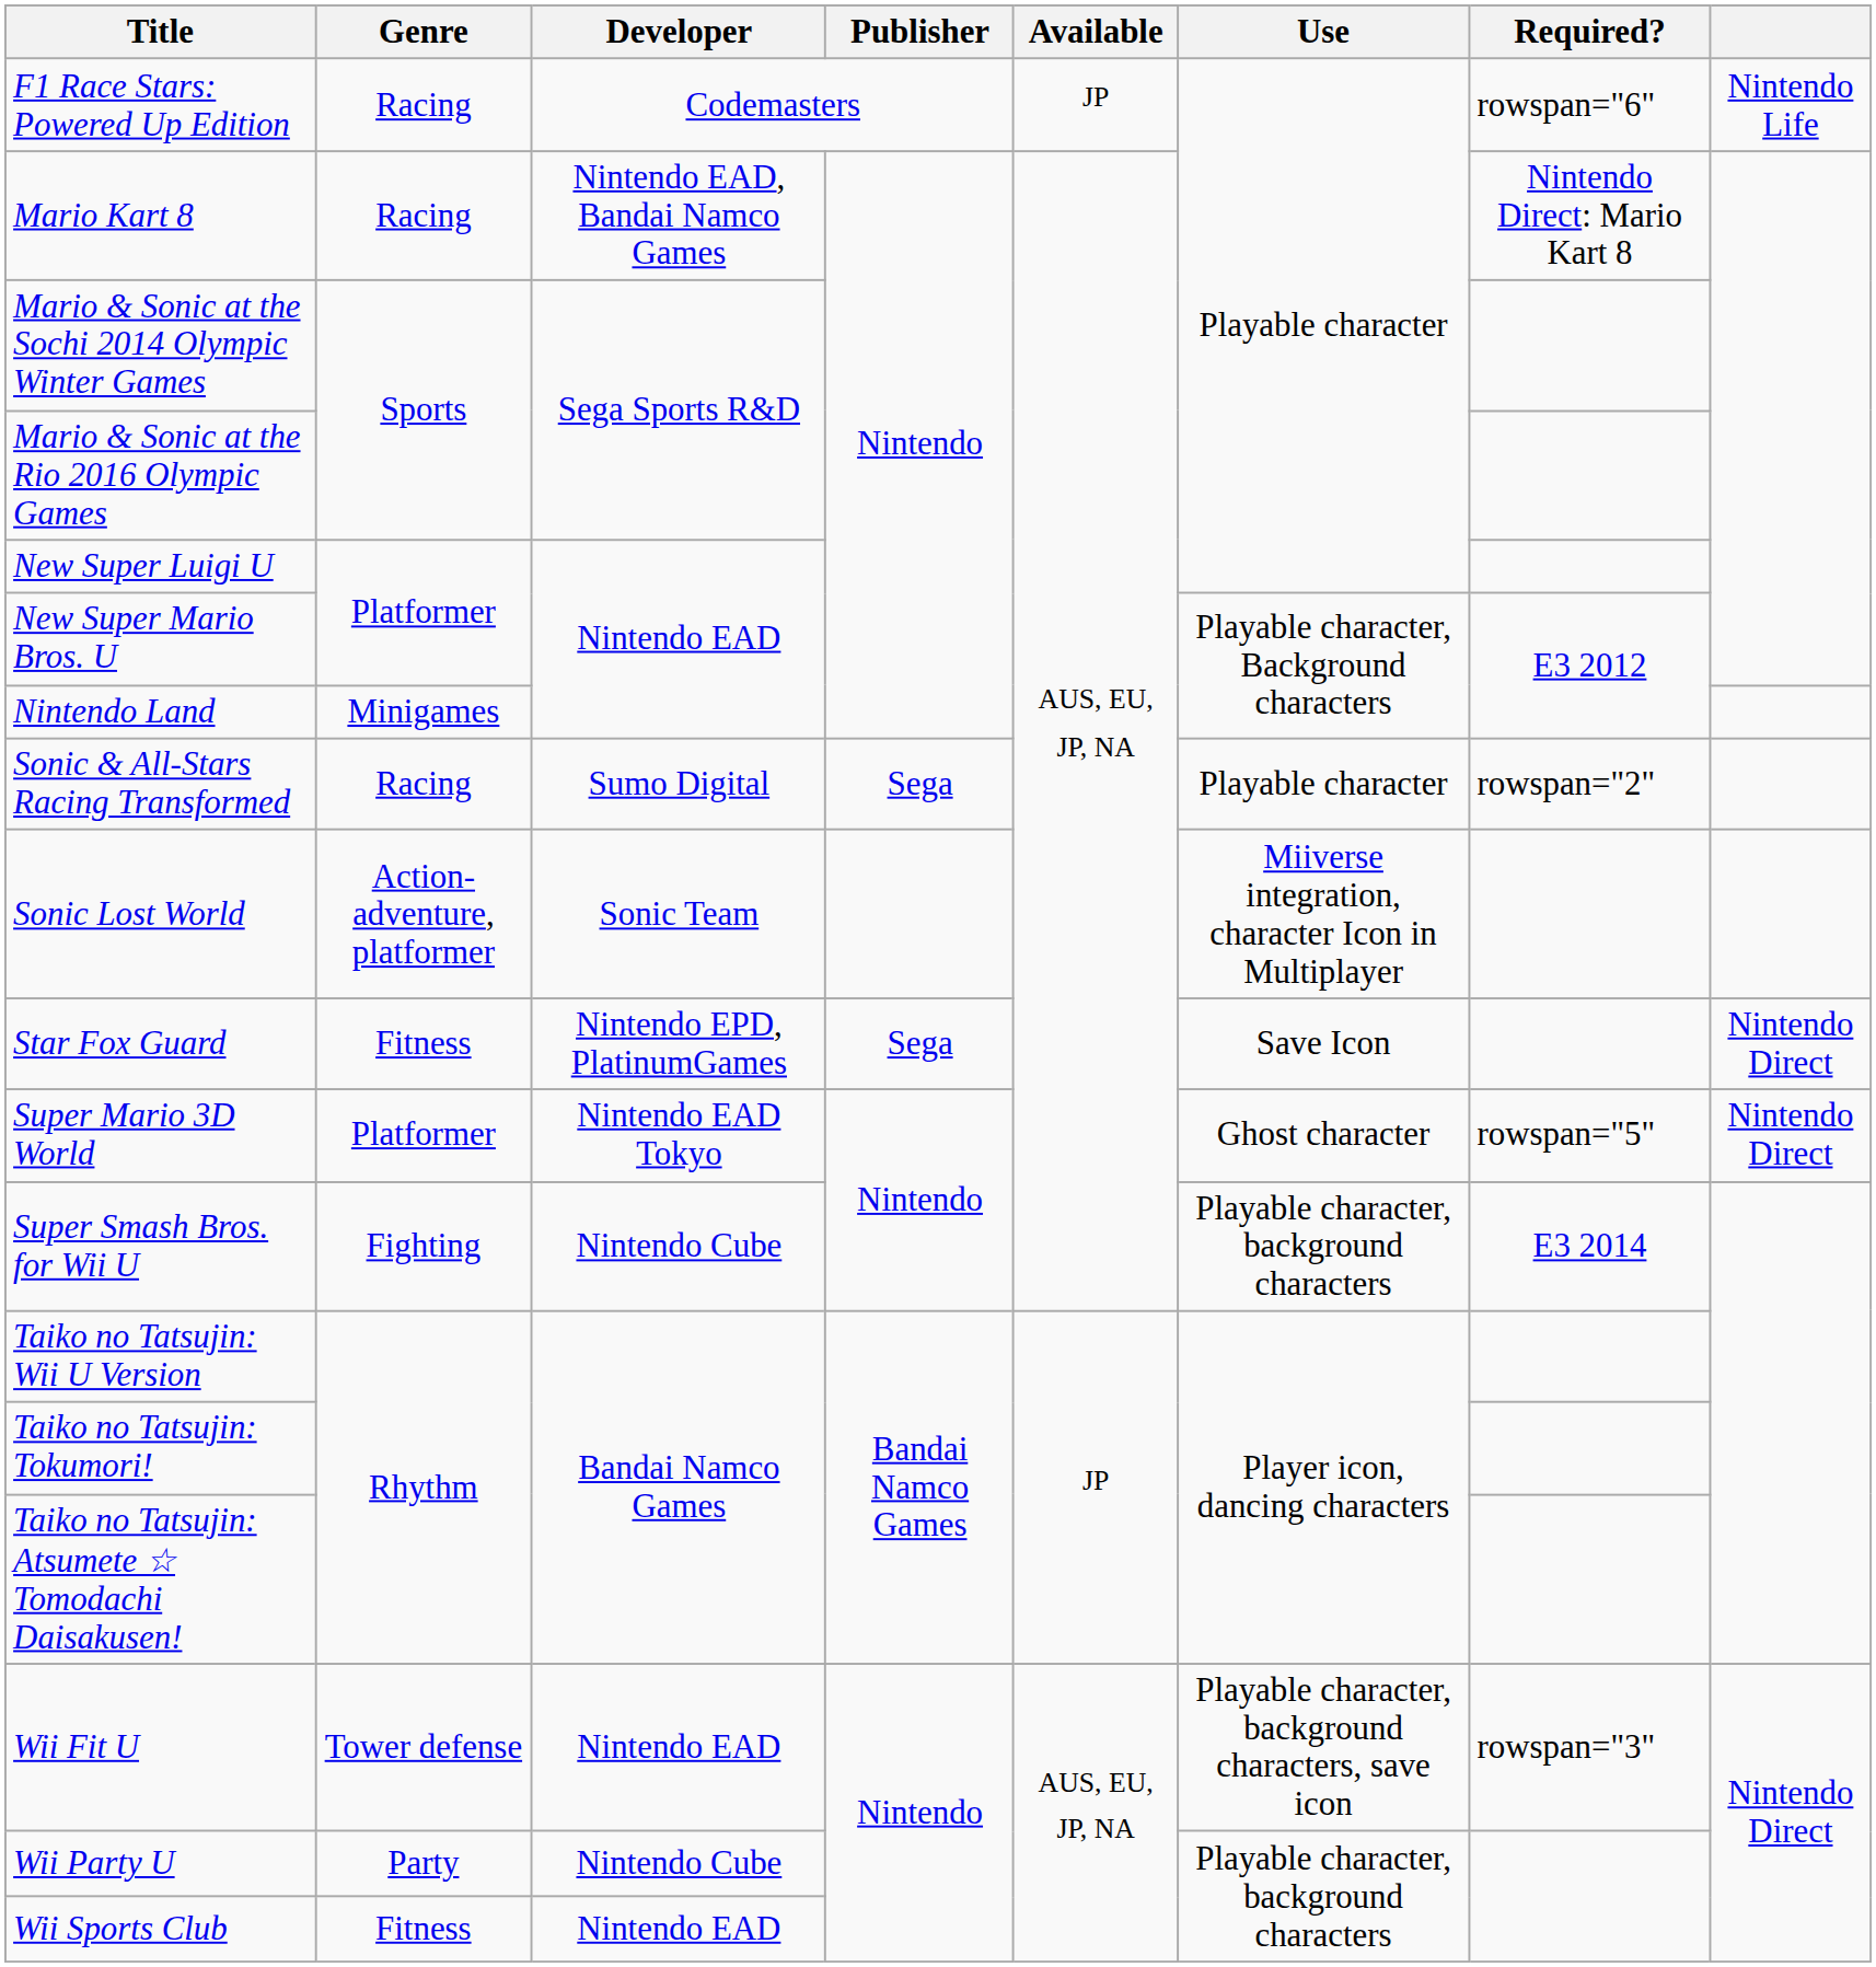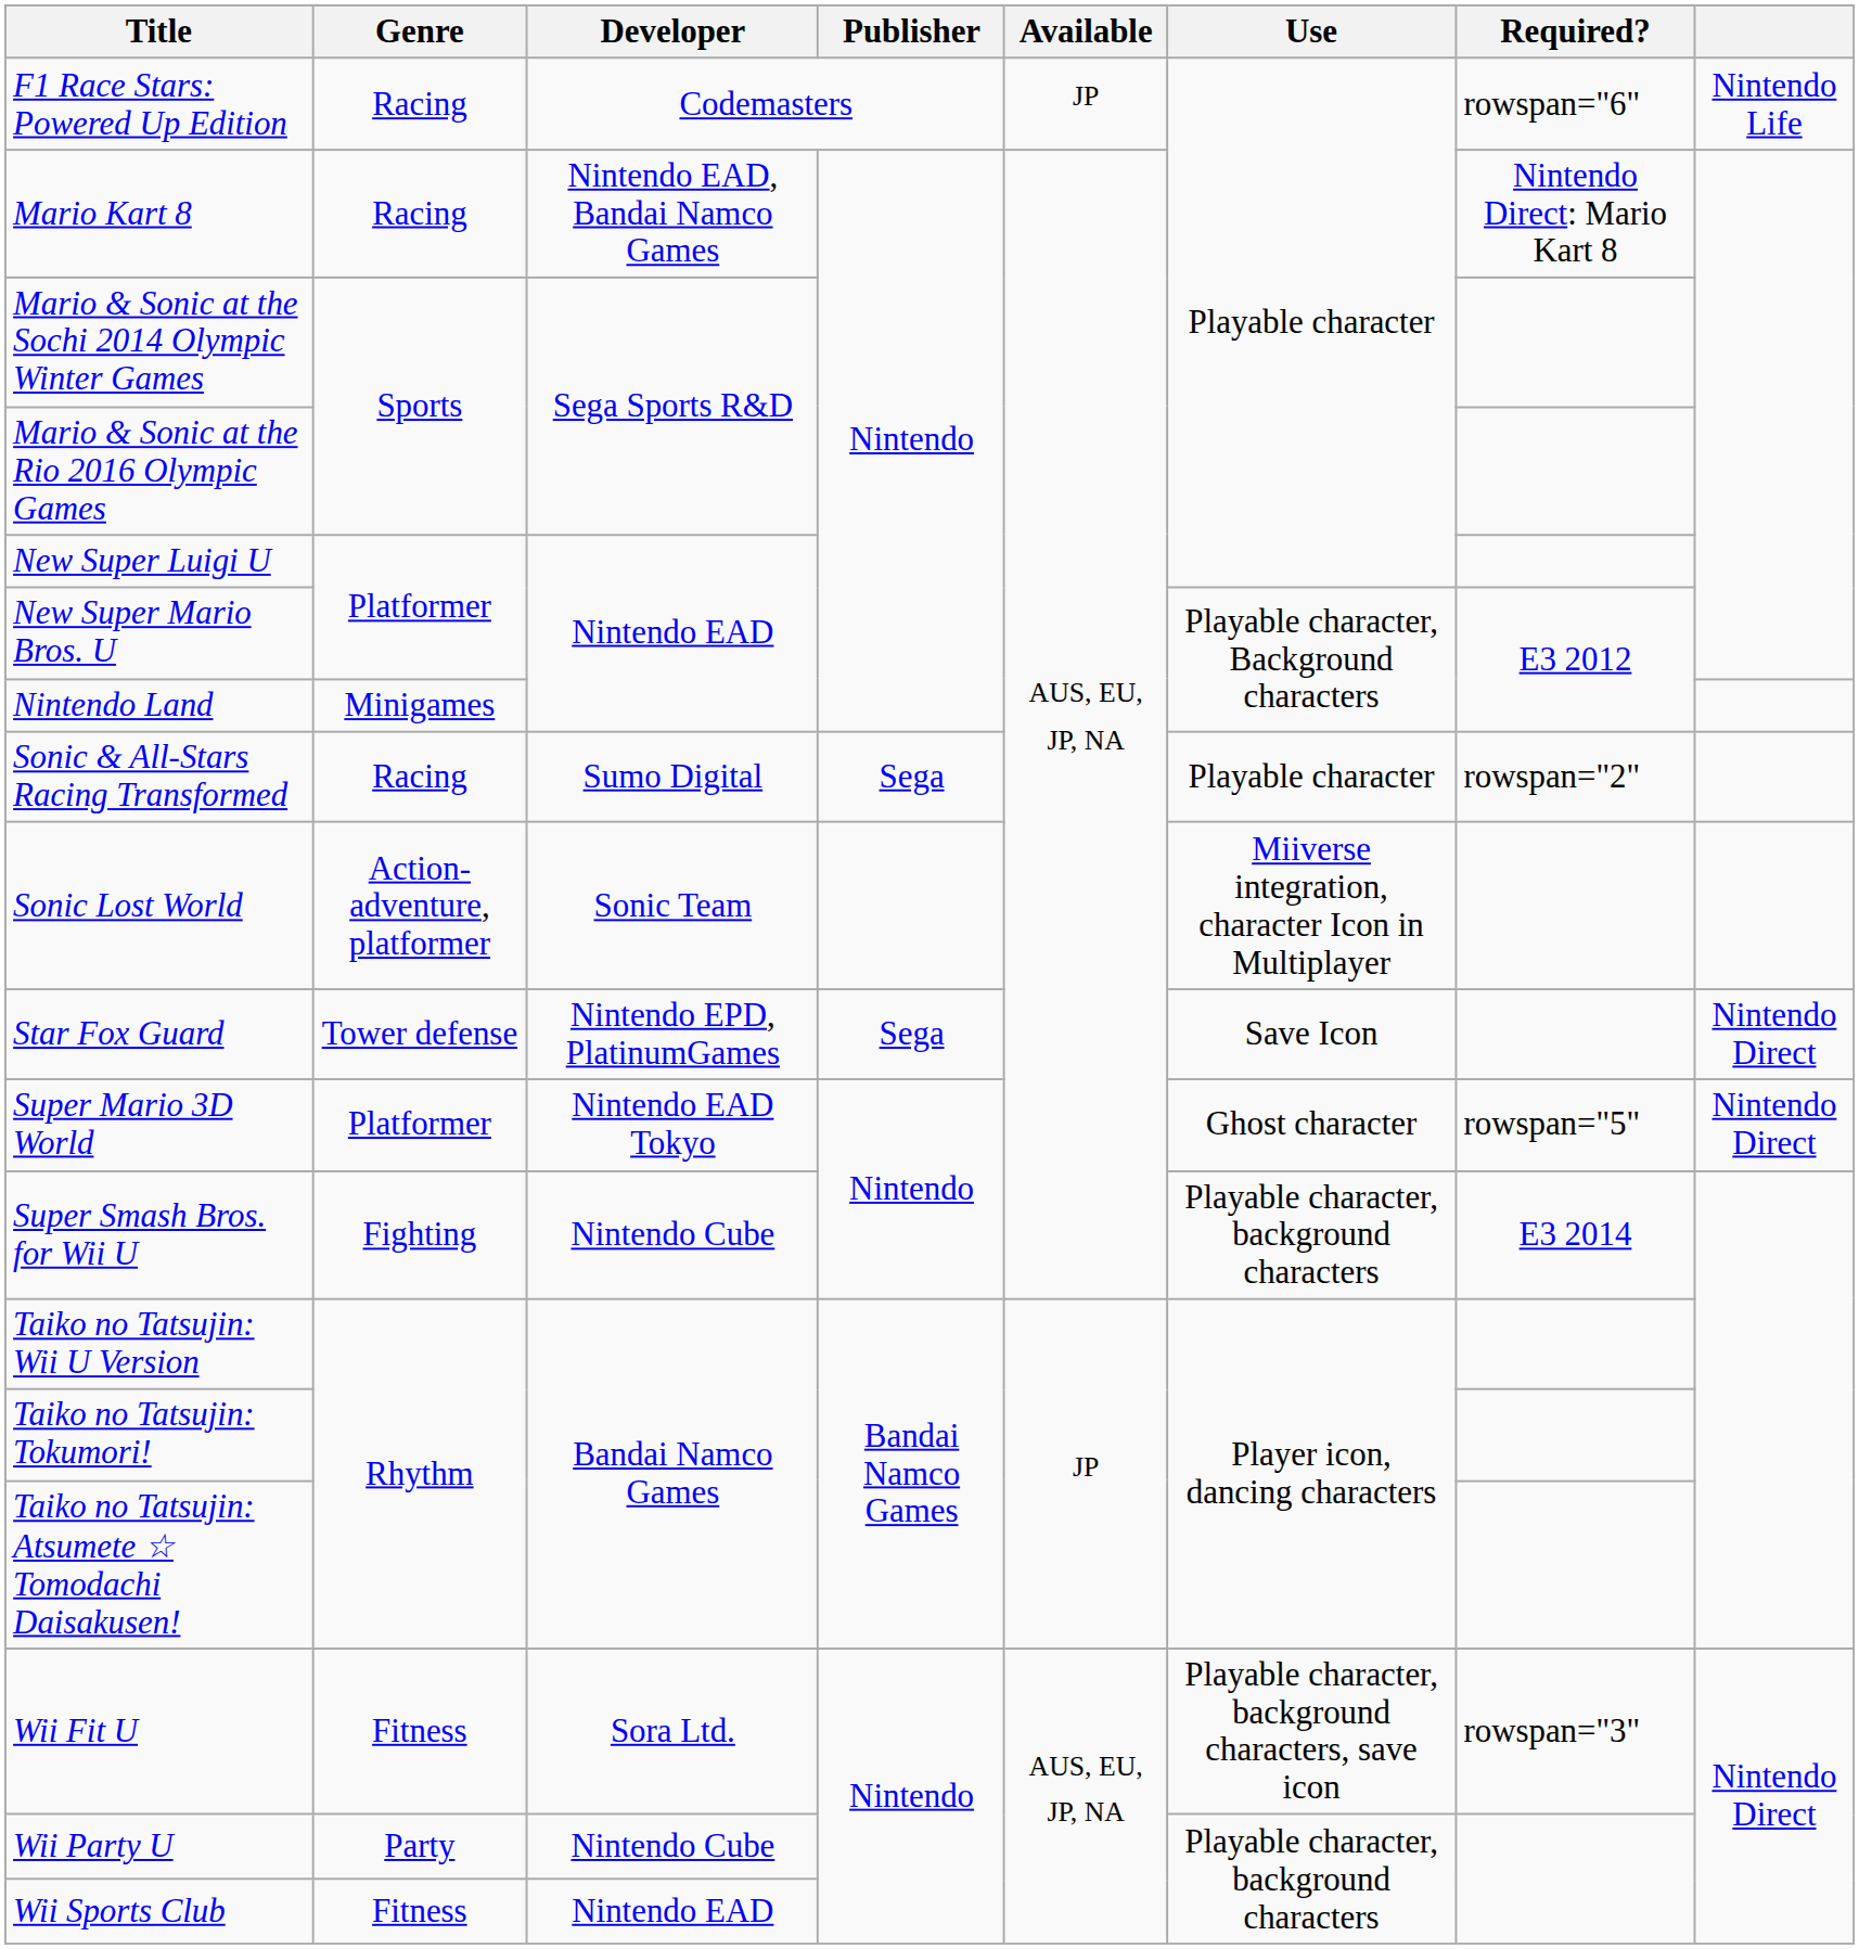 <table class="wikitable sortable" style="width:100%" id="wiiulist">
 <tr>
 <th>Title</th>
 <th>Genre</th>
 <th>Developer</th>
 <th>Publisher</th>
 <th>Available</th>
 <th>Use</th>
 <th>Required?</th>
 <th></th>
 </tr>
 <tr>
 <td><em><a href='#'>F1 Race Stars: Powered Up Edition</a></em></td>
 <td align=center><a href='#'>Racing</a></td>
 <td colspan="2" align="center"><a href='#'>Codemasters</a></td>
 <td align=center><sup>JP</sup></td>
 <td rowspan="5" align="center">Playable character</td>
 <td>rowspan="6" </td>
 <td align="center"><a href='#'>Nintendo Life</a></td>
 </tr>
 <tr>
 <td><em><a href='#'>Mario Kart 8</a></em></td>
 <td align=center><a href='#'>Racing</a></td>
 <td align=center><a href='#'>Nintendo EAD</a>, <a href='#'>Bandai Namco Games</a></td>
 <td rowspan="6" align="center"><a href='#'>Nintendo</a></td>
 <td rowspan="11" align="center"><sup>AUS, EU, JP, NA</sup></td>
 <td align="center"><a href='#'>Nintendo Direct</a>: Mario Kart 8</td>
 </tr>
 <tr>
 <td><em><a href='#'>Mario & Sonic at the Sochi 2014 Olympic Winter Games</a></em></td>
 <td rowspan="2" align="center"><a href='#'>Sports</a></td>
 <td rowspan="2" align="center"><a href='#'>Sega Sports R&D</a></td>
 <td align="center"></td>
 </tr>
 <tr>
 <td><em><a href='#'>Mario & Sonic at the Rio 2016 Olympic Games</a></em></td>
 <td></td>
 </tr>
 <tr>
 <td><em><a href='#'>New Super Luigi U</a></em></td>
 <td rowspan="2" align="center"><a href='#'>Platformer</a></td>
 <td rowspan="3" align="center"><a href='#'>Nintendo EAD</a></td>
 <td></td>
 </tr>
 <tr>
 <td><em><a href='#'>New Super Mario Bros. U</a></em></td>
 <td rowspan="2" align="center">Playable character, Background characters</td>
 <td rowspan="2" align="center"><a href='#'>E3 2012</a></td>
 </tr>
 <tr>
 <td><em><a href='#'>Nintendo Land</a></em></td>
 <td align=center><a href='#'>Minigames</a></td>
 <td></td>
 </tr>
 <tr>
 <td><em><a href='#'>Sonic & All-Stars Racing Transformed</a></em></td>
 <td align=center><a href='#'>Racing</a></td>
 <td align=center><a href='#'>Sumo Digital</a></td>
 <td align=center><a href='#'>Sega</a></td>
 <td align=center>Playable character</td>
 <td>rowspan="2" </td>
 <td align="center"></td>
 </tr>
 <tr>
 <td><em><a href='#'>Sonic Lost World</a></em></td>
 <td align=center><a href='#'>Action-adventure</a>, <a href='#'>platformer</a></td>
 <td align=center><a href='#'>Sonic Team</a></td>
 <td align=center></td>
 <td align="center"><a href='#'>Miiverse</a> integration, character Icon in Multiplayer</td>
 <td></td>
 </tr>
 <tr>
 <td><em><a href='#'>Star Fox Guard</a></em></td>
-<td align=center><a href='#'>Fitness</a></td>
+<td align=center><a href='#'>Tower defense</a></td>
 <td align=center><a href='#'>Nintendo EPD</a>, <a href='#'>PlatinumGames</a></td>
 <td align=center><a href='#'>Sega</a></td>
 <td align=center>Save Icon</td>
 <td></td>
 <td align="center"><a href='#'>Nintendo Direct</a></td>
 </tr>
 <tr>
 <td><em><a href='#'>Super Mario 3D World</a></em></td>
 <td align=center><a href='#'>Platformer</a></td>
 <td align=center><a href='#'>Nintendo EAD Tokyo</a></td>
 <td rowspan="2" align="center"><a href='#'>Nintendo</a></td>
 <td align=center>Ghost character</td>
 <td>rowspan="5" </td>
 <td align=center><a href='#'>Nintendo Direct</a></td>
 </tr>
 <tr>
 <td><em><a href='#'>Super Smash Bros. for Wii U</a></em></td>
 <td align=center><a href='#'>Fighting</a></td>
 <td align=center><a href='#'>Nintendo Cube</a></td>
 <td align="center">Playable character, background characters</td>
 <td align="center"><a href='#'>E3 2014</a></td>
 </tr>
 <tr>
 <td><em><a href='#'>Taiko no Tatsujin: Wii U Version</a></em></td>
 <td rowspan="3" align="center"><a href='#'>Rhythm</a></td>
 <td rowspan="3" align="center"><a href='#'>Bandai Namco Games</a></td>
 <td rowspan="3" align="center"><a href='#'>Bandai Namco Games</a></td>
 <td rowspan="3" align="center"><sup>JP</sup></td>
 <td rowspan="3" align="center">Player icon, dancing characters</td>
 <td align="center"></td>
 </tr>
 <tr>
 <td><em><a href='#'>Taiko no Tatsujin: Tokumori!</a></em></td>
 <td align="center"></td>
 </tr>
 <tr>
 <td><em><a href='#'>Taiko no Tatsujin: Atsumete ☆ Tomodachi Daisakusen!</a></em></td>
 <td align="center"></td>
 </tr>
 <tr>
 <td><em><a href='#'>Wii Fit U</a></em></td>
-<td align=center><a href='#'>Tower defense</a></td>
-<td align=center><a href='#'>Nintendo EAD</a></td>
+<td align=center><a href='#'>Fitness</a></td>
+<td align=center><a href='#'>Sora Ltd.</a></td>
 <td rowspan="3" align="center"><a href='#'>Nintendo</a></td>
 <td rowspan="3" align="center"><sup>AUS, EU, JP, NA</sup></td>
 <td align="center">Playable character, background characters, save icon</td>
 <td>rowspan="3" </td>
 <td rowspan="3" align="center"><a href='#'>Nintendo Direct</a></td>
 </tr>
 <tr>
 <td><em><a href='#'>Wii Party U</a></em></td>
 <td align=center><a href='#'>Party</a></td>
 <td align=center><a href='#'>Nintendo Cube</a></td>
 <td rowspan="2" align="center">Playable character, background characters</td>
 </tr>
 <tr>
 <td><em><a href='#'>Wii Sports Club</a></em></td>
 <td align=center><a href='#'>Fitness</a></td>
 <td align=center><a href='#'>Nintendo EAD</a></td>
 </tr>
 </table>
